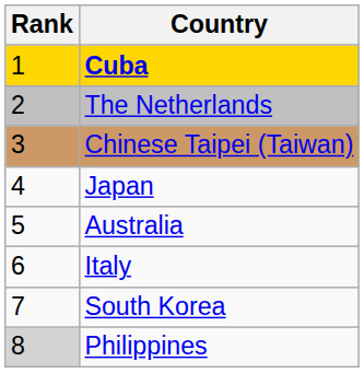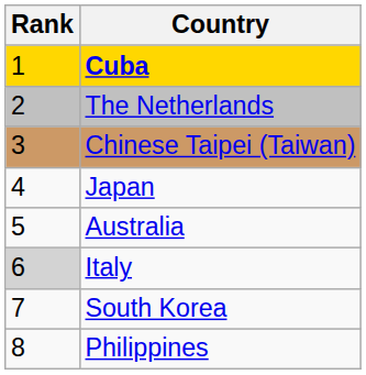 <table class="wikitable">
 <tr>
 <th>Rank</th>
 <th>Country</th>
 </tr>
 <tr bgcolor=gold>
 <td>1</td>
 <td> <strong><a href='#'>Cuba</a></strong></td>
 </tr>
 <tr bgcolor=silver>
 <td>2</td>
 <td> <a href='#'>The Netherlands</a></td>
 </tr>
 <tr bgcolor="cc9966">
 <td>3</td>
 <td> <a href='#'>Chinese Taipei (Taiwan)</a></td>
 </tr>
 <tr>
 <td>4</td>
 <td> <a href='#'>Japan</a></td>
 </tr>
 <tr>
 <td>5</td>
 <td> <a href='#'>Australia</a></td>
 </tr>
 <tr>
-<td>6</td>
+<td style="background: lightgrey;">6</td>
 <td> <a href='#'>Italy</a></td>
 </tr>
 <tr>
 <td>7</td>
 <td> <a href='#'>South Korea</a></td>
 </tr>
 <tr>
-<td style="background: lightgrey;">8</td>
+<td>8</td>
 <td> <a href='#'>Philippines</a></td>
 </tr>
 </table>
